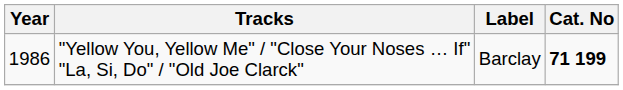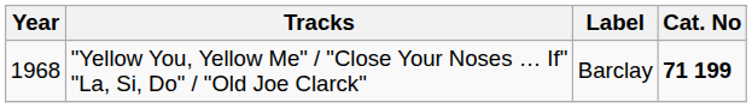 <table class="wikitable">
 <tr>
 <th>Year</th>
 <th>Tracks</th>
 <th>Label</th>
 <th>Cat. No</th>
 </tr>
 <tr>
-<td>1986</td>
+<td>1968</td>
 <td>"Yellow You, Yellow Me" / "Close Your Noses … If"<br>"La, Si, Do" / "Old Joe Clarck"</td>
 <td>Barclay</td>
 <td><strong>71 199</strong></td>
 </tr>
 <tr>
 </tr>
 </table>
